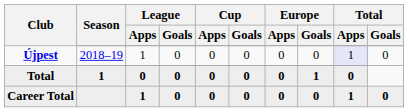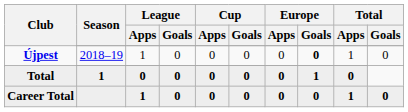 <table class="wikitable" style="font-size:90%; text-align: center;">
 <tr>
 <th rowspan="2">Club</th>
 <th rowspan="2">Season</th>
 <th colspan="2">League</th>
 <th colspan="2">Cup</th>
 <th colspan="2">Europe</th>
 <th colspan="2">Total</th>
 </tr>
 <tr>
 <th>Apps</th>
 <th>Goals</th>
 <th>Apps</th>
 <th>Goals</th>
 <th>Apps</th>
 <th>Goals</th>
 <th>Apps</th>
 <th>Goals</th>
 </tr>
 <tr ||-||-||-|->
 <td rowspan="3" valign="center"><strong><a href='#'>Újpest</a></strong></td>
 </tr>
 <tr>
 <td><a href='#'>2018–19</a></td>
 <td>1</td>
 <td>0</td>
 <td>0</td>
 <td>0</td>
 <td>0</td>
-<td>0</td>
-<td style="background: lavender;">1</td>
+<td><strong>0</strong></td>
+<td>1</td>
 <td>0</td>
 </tr>
 <tr>
 </tr>
 <tr style="font-weight:bold; background-color:#eeeeee;">
 <td>Total</td>
 <td>1</td>
 <td>0</td>
 <td>0</td>
 <td>0</td>
 <td>0</td>
 <td>0</td>
 <td>1</td>
 <td>0</td>
 </tr>
 <tr style="font-weight:bold; background-color:#eeeeee;">
 <td rowspan="1" valign="top"><strong>Career Total</strong></td>
 <td></td>
 <td><strong>1</strong></td>
 <td><strong>0</strong></td>
 <td><strong>0</strong></td>
 <td><strong>0</strong></td>
 <td><strong>0</strong></td>
 <td><strong>0</strong></td>
 <td><strong>1</strong></td>
 <td><strong>0</strong></td>
 </tr>
 </table>
